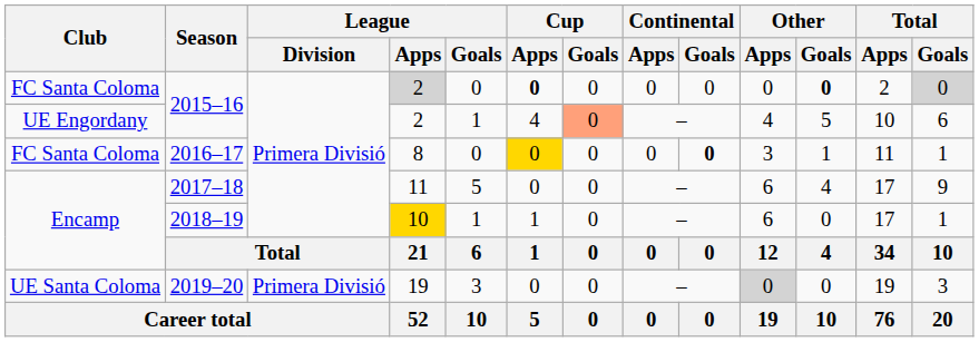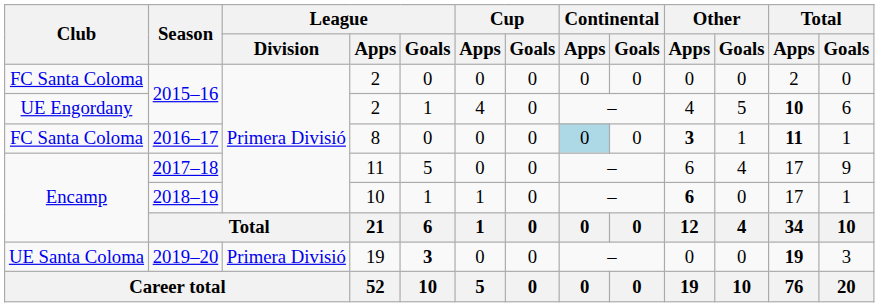 <table class="wikitable" style="text-align: center">
 <tr>
 <th rowspan="2">Club</th>
 <th rowspan="2">Season</th>
 <th colspan="3">League</th>
 <th colspan="2">Cup</th>
 <th colspan="2">Continental</th>
 <th colspan="2">Other</th>
 <th colspan="2">Total</th>
 </tr>
 <tr>
 <th>Division</th>
 <th>Apps</th>
 <th>Goals</th>
 <th>Apps</th>
 <th>Goals</th>
 <th>Apps</th>
 <th>Goals</th>
 <th>Apps</th>
 <th>Goals</th>
 <th>Apps</th>
 <th>Goals</th>
 </tr>
 <tr>
 <td><a href='#'>FC Santa Coloma</a></td>
 <td rowspan="2"><a href='#'>2015–16</a></td>
 <td rowspan="5"><a href='#'>Primera Divisió</a></td>
-<td style="background: lightgrey;">2</td>
-<td>0</td>
-<td><strong>0</strong></td>
+<td>2</td>
 <td>0</td>
 <td>0</td>
 <td>0</td>
 <td>0</td>
-<td><strong>0</strong></td>
+<td>0</td>
+<td>0</td>
+<td>0</td>
 <td>2</td>
-<td style="background: lightgrey;">0</td>
+<td>0</td>
 </tr>
 <tr>
 <td><a href='#'>UE Engordany</a></td>
 <td>2</td>
 <td>1</td>
 <td>4</td>
-<td style="background: lightsalmon;">0</td>
+<td>0</td>
 <td colspan="2">–</td>
 <td>4</td>
 <td>5</td>
-<td>10</td>
+<td><strong>10</strong></td>
 <td>6</td>
 </tr>
 <tr>
 <td><a href='#'>FC Santa Coloma</a></td>
 <td><a href='#'>2016–17</a></td>
 <td>8</td>
 <td>0</td>
-<td style="background: gold;">0</td>
 <td>0</td>
 <td>0</td>
-<td><strong>0</strong></td>
-<td>3</td>
+<td style="background: lightblue;">0</td>
+<td>0</td>
+<td><strong>3</strong></td>
 <td>1</td>
-<td>11</td>
+<td><strong>11</strong></td>
 <td>1</td>
 </tr>
 <tr>
 <td rowspan="3"><a href='#'>Encamp</a></td>
 <td><a href='#'>2017–18</a></td>
 <td>11</td>
 <td>5</td>
 <td>0</td>
 <td>0</td>
 <td colspan="2">–</td>
 <td>6</td>
 <td>4</td>
 <td>17</td>
 <td>9</td>
 </tr>
 <tr>
 <td><a href='#'>2018–19</a></td>
-<td style="background: gold;">10</td>
+<td>10</td>
 <td>1</td>
 <td>1</td>
 <td>0</td>
 <td colspan="2">–</td>
-<td>6</td>
+<td><strong>6</strong></td>
 <td>0</td>
 <td>17</td>
 <td>1</td>
 </tr>
 <tr>
 <th colspan="2"><strong>Total</strong></th>
 <th>21</th>
 <th>6</th>
 <th>1</th>
 <th>0</th>
 <th>0</th>
 <th>0</th>
 <th>12</th>
 <th>4</th>
 <th>34</th>
 <th>10</th>
 </tr>
 <tr>
 <td><a href='#'>UE Santa Coloma</a></td>
 <td><a href='#'>2019–20</a></td>
 <td><a href='#'>Primera Divisió</a></td>
 <td>19</td>
-<td>3</td>
+<td><strong>3</strong></td>
 <td>0</td>
 <td>0</td>
 <td colspan="2">–</td>
-<td style="background: lightgrey;">0</td>
 <td>0</td>
-<td>19</td>
+<td>0</td>
+<td><strong>19</strong></td>
 <td>3</td>
 </tr>
 <tr>
 <th colspan="3"><strong>Career total</strong></th>
 <th>52</th>
 <th>10</th>
 <th>5</th>
 <th>0</th>
 <th>0</th>
 <th>0</th>
 <th>19</th>
 <th>10</th>
 <th>76</th>
 <th>20</th>
 </tr>
 </table>
